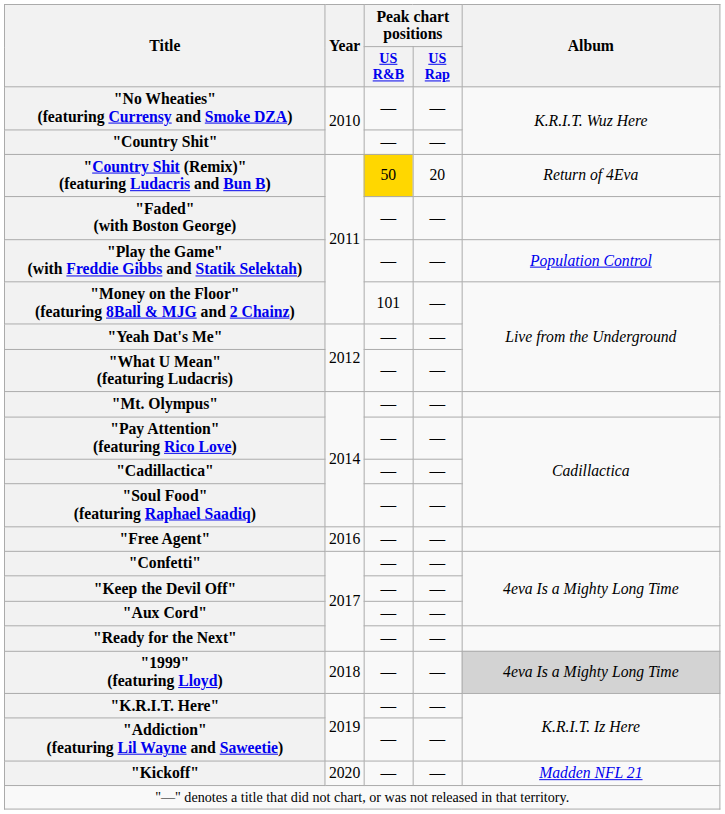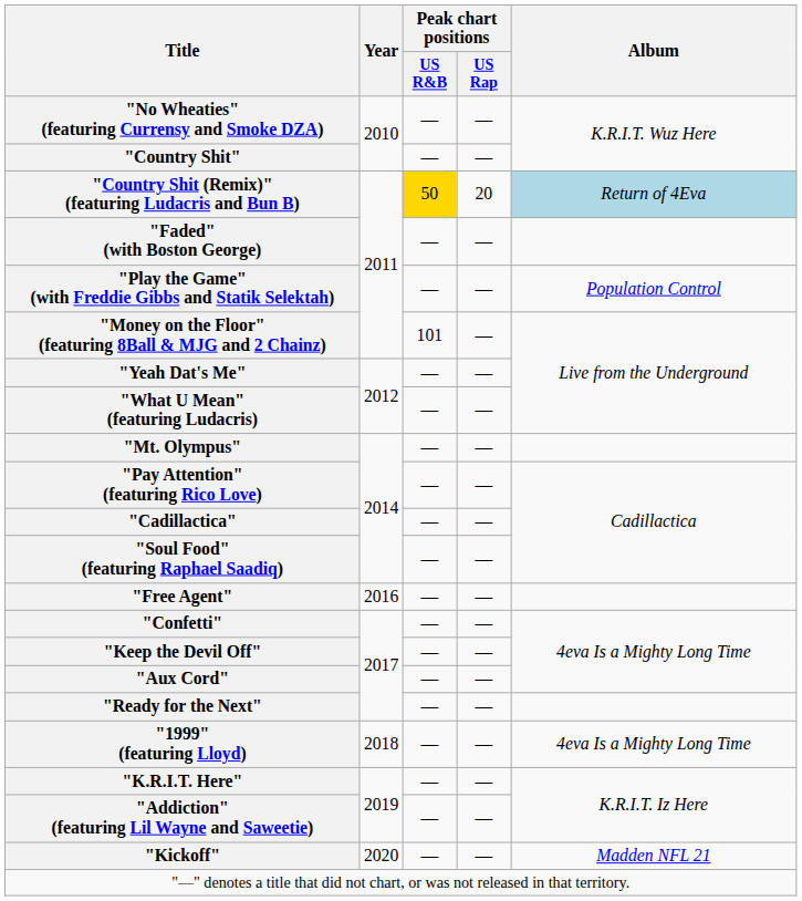 <table class="wikitable plainrowheaders" style="text-align:center;">
 <tr>
 <th scope="col" rowspan="2" style="width:20em;">Title</th>
 <th scope="col" rowspan="2">Year</th>
 <th scope="col" colspan="2">Peak chart positions</th>
 <th scope="col" rowspan="2" style="width:16em;">Album</th>
 </tr>
 <tr>
 <th scope="col" style="width:3em;font-size:90%;"><a href='#'>US<br>R&B</a><br></th>
 <th scope="col" style="width:3em;font-size:90%;"><a href='#'>US<br>Rap</a><br></th>
 </tr>
 <tr>
 <th scope="row">"No Wheaties"<br><span>(featuring <a href='#'>Currensy</a> and <a href='#'>Smoke DZA</a>)</span></th>
 <td rowspan="2">2010</td>
 <td>—</td>
 <td>—</td>
 <td rowspan="2"><em>K.R.I.T. Wuz Here</em></td>
 </tr>
 <tr>
 <th scope="row">"Country Shit"</th>
 <td>—</td>
 <td>—</td>
 </tr>
 <tr>
 <th scope="row">"<a href='#'>Country Shit</a> (Remix)"<br><span>(featuring <a href='#'>Ludacris</a> and <a href='#'>Bun B</a>)</span></th>
 <td rowspan="4">2011</td>
 <td style="background: gold;">50</td>
 <td>20</td>
-<td><em>Return of 4Eva</em></td>
+<td style="background: lightblue;"><em>Return of 4Eva</em></td>
 </tr>
 <tr>
 <th scope="row">"Faded"<br><span>(with Boston George)</span></th>
 <td>—</td>
 <td>—</td>
 <td></td>
 </tr>
 <tr>
 <th scope="row">"Play the Game"<br><span>(with <a href='#'>Freddie Gibbs</a> and <a href='#'>Statik Selektah</a>)</span></th>
 <td>—</td>
 <td>—</td>
 <td><em><a href='#'>Population Control</a></em></td>
 </tr>
 <tr>
 <th scope="row">"Money on the Floor"<br><span>(featuring <a href='#'>8Ball & MJG</a> and <a href='#'>2 Chainz</a>)</span></th>
 <td>101</td>
 <td>—</td>
 <td rowspan="3"><em>Live from the Underground</em></td>
 </tr>
 <tr>
 <th scope="row">"Yeah Dat's Me"</th>
 <td rowspan="2">2012</td>
 <td>—</td>
 <td>—</td>
 </tr>
 <tr>
 <th scope="row">"What U Mean"<br><span>(featuring Ludacris)</span></th>
 <td>—</td>
 <td>—</td>
 </tr>
 <tr>
 <th scope="row">"Mt. Olympus"</th>
 <td rowspan="4">2014</td>
 <td>—</td>
 <td>—</td>
 <td></td>
 </tr>
 <tr>
 <th scope="row">"Pay Attention"<br><span>(featuring <a href='#'>Rico Love</a>)</span></th>
 <td>—</td>
 <td>—</td>
 <td rowspan="3"><em>Cadillactica</em></td>
 </tr>
 <tr>
 <th scope="row">"Cadillactica"</th>
 <td>—</td>
 <td>—</td>
 </tr>
 <tr>
 <th scope="row">"Soul Food"<br><span>(featuring <a href='#'>Raphael Saadiq</a>)</span></th>
 <td>—</td>
 <td>—</td>
 </tr>
 <tr>
 <th scope="row">"Free Agent"</th>
 <td>2016</td>
 <td>—</td>
 <td>—</td>
 <td></td>
 </tr>
 <tr>
 <th scope="row">"Confetti"</th>
 <td rowspan="4">2017</td>
 <td>—</td>
 <td>—</td>
 <td rowspan="3"><em>4eva Is a Mighty Long Time</em></td>
 </tr>
 <tr>
 <th scope="row">"Keep the Devil Off"</th>
 <td>—</td>
 <td>—</td>
 </tr>
 <tr>
 <th scope="row">"Aux Cord"</th>
 <td>—</td>
 <td>—</td>
 </tr>
 <tr>
 <th scope="row">"Ready for the Next"</th>
 <td>—</td>
 <td>—</td>
 <td></td>
 </tr>
 <tr>
 <th scope="row">"1999" <br><span>(featuring <a href='#'>Lloyd</a>)</span></th>
 <td>2018</td>
 <td>—</td>
 <td>—</td>
-<td style="background: lightgrey;"><em>4eva Is a Mighty Long Time</em></td>
+<td><em>4eva Is a Mighty Long Time</em></td>
 </tr>
 <tr>
 <th scope="row">"K.R.I.T. Here"</th>
 <td rowspan="2">2019</td>
 <td>—</td>
 <td>—</td>
 <td rowspan="2"><em>K.R.I.T. Iz Here</em></td>
 </tr>
 <tr>
 <th scope="row">"Addiction" <br><span>(featuring <a href='#'>Lil Wayne</a> and <a href='#'>Saweetie</a>)</span></th>
 <td>—</td>
 <td>—</td>
 </tr>
 <tr>
 <th scope="row">"Kickoff"</th>
 <td>2020</td>
 <td>—</td>
 <td>—</td>
 <td><em><a href='#'>Madden NFL 21</a></em></td>
 </tr>
 <tr>
 <td colspan="6" style="font-size:90%">"—" denotes a title that did not chart, or was not released in that territory.</td>
 </tr>
 </table>
